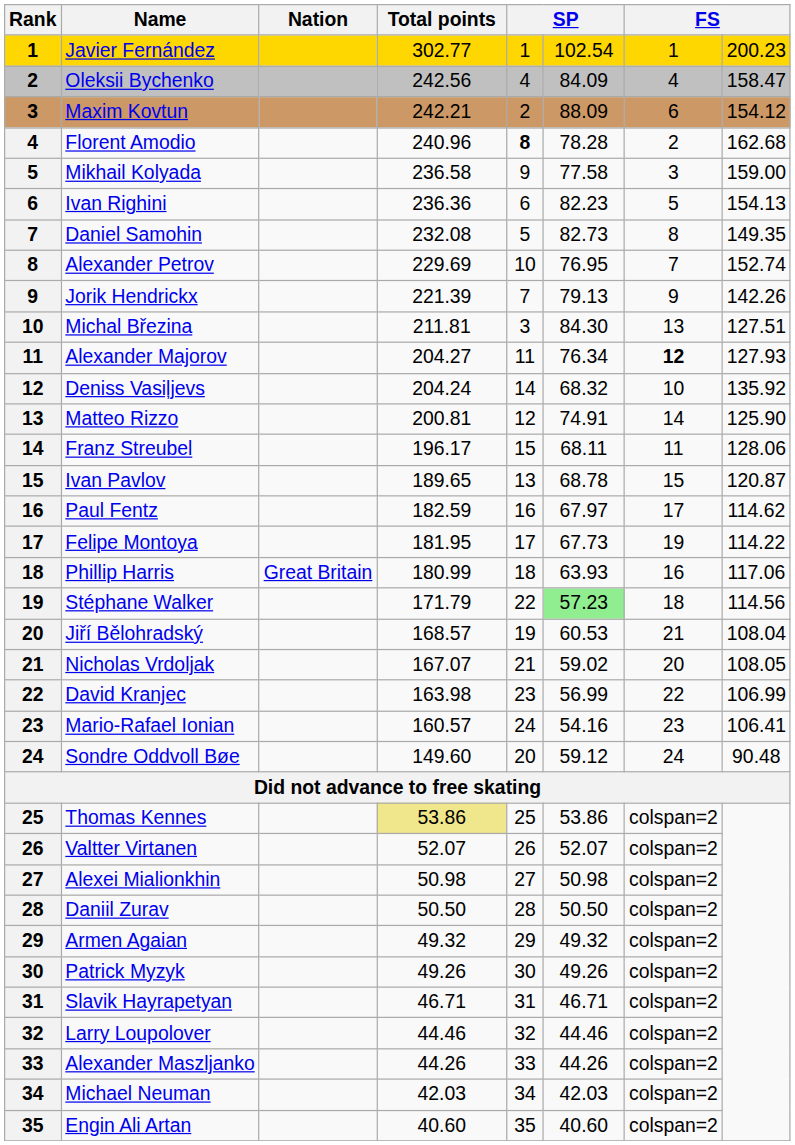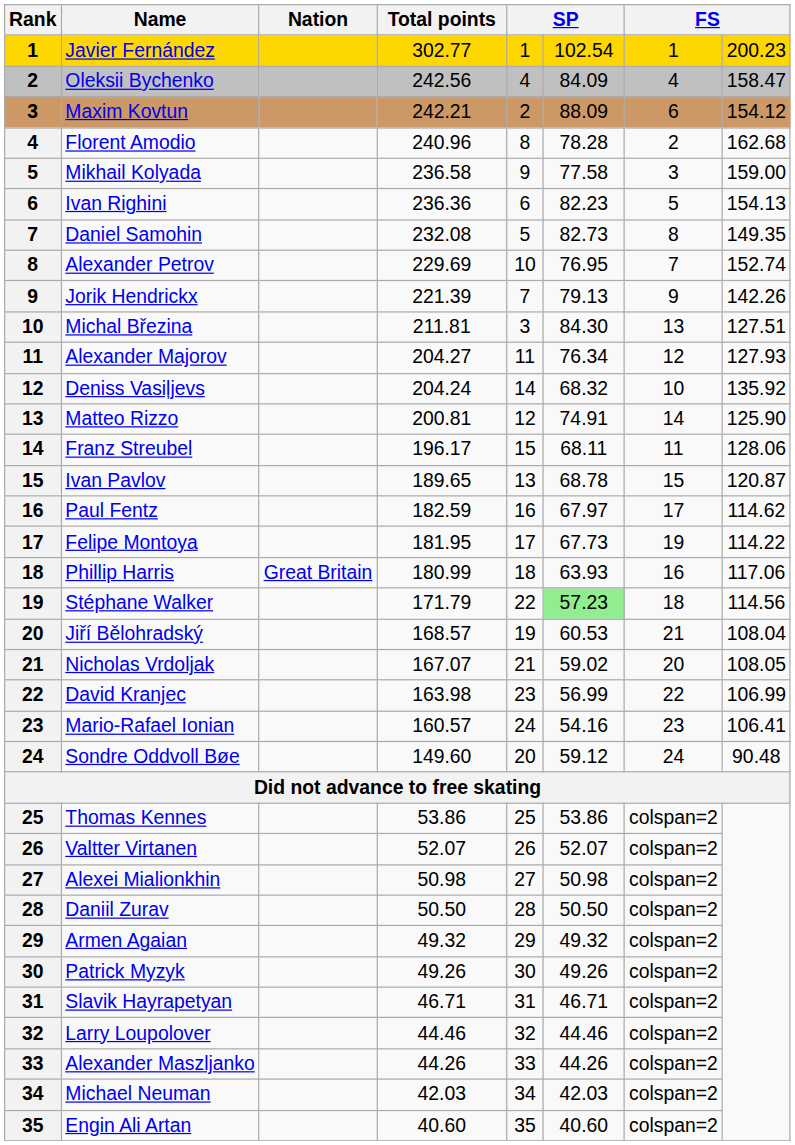 <table class="wikitable sortable">
 <tr>
 <th>Rank</th>
 <th>Name</th>
 <th>Nation</th>
 <th width="100px">Total points</th>
 <th colspan="2" width="90px"><a href='#'>SP</a></th>
 <th colspan="2" width="90px"><a href='#'>FS</a></th>
 </tr>
 <tr bgcolor="gold">
 <td align="center" bgcolor="gold"><strong>1</strong></td>
 <td><a href='#'>Javier Fernández</a></td>
 <td></td>
 <td align="center">302.77</td>
 <td align="center">1</td>
 <td align="center">102.54</td>
 <td align="center">1</td>
 <td align="center">200.23</td>
 </tr>
 <tr bgcolor="silver">
 <td align="center" bgcolor="silver"><strong>2</strong></td>
 <td><a href='#'>Oleksii Bychenko</a></td>
 <td></td>
 <td align="center">242.56</td>
 <td align="center">4</td>
 <td align="center">84.09</td>
 <td align="center">4</td>
 <td align="center">158.47</td>
 </tr>
 <tr bgcolor="#cc9966">
 <td align="center" bgcolor="#cc9966"><strong>3</strong></td>
 <td><a href='#'>Maxim Kovtun</a></td>
 <td></td>
 <td align="center">242.21</td>
 <td align="center">2</td>
 <td align="center">88.09</td>
 <td align="center">6</td>
 <td align="center">154.12</td>
 </tr>
 <tr>
 <th>4</th>
 <td><a href='#'>Florent Amodio</a></td>
 <td></td>
 <td align="center">240.96</td>
-<td align="center"><strong>8</strong></td>
+<td align="center">8</td>
 <td align="center">78.28</td>
 <td align="center">2</td>
 <td align="center">162.68</td>
 </tr>
 <tr>
 <th>5</th>
 <td><a href='#'>Mikhail Kolyada</a></td>
 <td></td>
 <td align="center">236.58</td>
 <td align="center">9</td>
 <td align="center">77.58</td>
 <td align="center">3</td>
 <td align="center">159.00</td>
 </tr>
 <tr>
 <th>6</th>
 <td><a href='#'>Ivan Righini</a></td>
 <td></td>
 <td align="center">236.36</td>
 <td align="center">6</td>
 <td align="center">82.23</td>
 <td align="center">5</td>
 <td align="center">154.13</td>
 </tr>
 <tr>
 <th>7</th>
 <td><a href='#'>Daniel Samohin</a></td>
 <td></td>
 <td align="center">232.08</td>
 <td align="center">5</td>
 <td align="center">82.73</td>
 <td align="center">8</td>
 <td align="center">149.35</td>
 </tr>
 <tr>
 <th>8</th>
 <td><a href='#'>Alexander Petrov</a></td>
 <td></td>
 <td align="center">229.69</td>
 <td align="center">10</td>
 <td align="center">76.95</td>
 <td align="center">7</td>
 <td align="center">152.74</td>
 </tr>
 <tr>
 <th>9</th>
 <td><a href='#'>Jorik Hendrickx</a></td>
 <td></td>
 <td align="center">221.39</td>
 <td align="center">7</td>
 <td align="center">79.13</td>
 <td align="center">9</td>
 <td align="center">142.26</td>
 </tr>
 <tr>
 <th>10</th>
 <td><a href='#'>Michal Březina</a></td>
 <td></td>
 <td align="center">211.81</td>
 <td align="center">3</td>
 <td align="center">84.30</td>
 <td align="center">13</td>
 <td align="center">127.51</td>
 </tr>
 <tr>
 <th>11</th>
 <td><a href='#'>Alexander Majorov</a></td>
 <td></td>
 <td align="center">204.27</td>
 <td align="center">11</td>
 <td align="center">76.34</td>
-<td align="center"><strong>12</strong></td>
+<td align="center">12</td>
 <td align="center">127.93</td>
 </tr>
 <tr>
 <th>12</th>
 <td><a href='#'>Deniss Vasiļjevs</a></td>
 <td></td>
 <td align="center">204.24</td>
 <td align="center">14</td>
 <td align="center">68.32</td>
 <td align="center">10</td>
 <td align="center">135.92</td>
 </tr>
 <tr>
 <th>13</th>
 <td><a href='#'>Matteo Rizzo</a></td>
 <td></td>
 <td align="center">200.81</td>
 <td align="center">12</td>
 <td align="center">74.91</td>
 <td align="center">14</td>
 <td align="center">125.90</td>
 </tr>
 <tr>
 <th>14</th>
 <td><a href='#'>Franz Streubel</a></td>
 <td></td>
 <td align="center">196.17</td>
 <td align="center">15</td>
 <td align="center">68.11</td>
 <td align="center">11</td>
 <td align="center">128.06</td>
 </tr>
 <tr>
 <th>15</th>
 <td><a href='#'>Ivan Pavlov</a></td>
 <td></td>
 <td align="center">189.65</td>
 <td align="center">13</td>
 <td align="center">68.78</td>
 <td align="center">15</td>
 <td align="center">120.87</td>
 </tr>
 <tr>
 <th>16</th>
 <td><a href='#'>Paul Fentz</a></td>
 <td></td>
 <td align="center">182.59</td>
 <td align="center">16</td>
 <td align="center">67.97</td>
 <td align="center">17</td>
 <td align="center">114.62</td>
 </tr>
 <tr>
 <th>17</th>
 <td><a href='#'>Felipe Montoya</a></td>
 <td></td>
 <td align="center">181.95</td>
 <td align="center">17</td>
 <td align="center">67.73</td>
 <td align="center">19</td>
 <td align="center">114.22</td>
 </tr>
 <tr>
 <th>18</th>
 <td><a href='#'>Phillip Harris</a></td>
 <td> <a href='#'>Great Britain</a></td>
 <td align="center">180.99</td>
 <td align="center">18</td>
 <td align="center">63.93</td>
 <td align="center">16</td>
 <td align="center">117.06</td>
 </tr>
 <tr>
 <th>19</th>
 <td><a href='#'>Stéphane Walker</a></td>
 <td></td>
 <td align="center">171.79</td>
 <td align="center">22</td>
 <td align="center" style="background: lightgreen;">57.23</td>
 <td align="center">18</td>
 <td align="center">114.56</td>
 </tr>
 <tr>
 <th>20</th>
 <td><a href='#'>Jiří Bělohradský</a></td>
 <td></td>
 <td align="center">168.57</td>
 <td align="center">19</td>
 <td align="center">60.53</td>
 <td align="center">21</td>
 <td align="center">108.04</td>
 </tr>
 <tr>
 <th>21</th>
 <td><a href='#'>Nicholas Vrdoljak</a></td>
 <td></td>
 <td align="center">167.07</td>
 <td align="center">21</td>
 <td align="center">59.02</td>
 <td align="center">20</td>
 <td align="center">108.05</td>
 </tr>
 <tr>
 <th>22</th>
 <td><a href='#'>David Kranjec</a></td>
 <td></td>
 <td align="center">163.98</td>
 <td align="center">23</td>
 <td align="center">56.99</td>
 <td align="center">22</td>
 <td align="center">106.99</td>
 </tr>
 <tr>
 <th>23</th>
 <td><a href='#'>Mario-Rafael Ionian</a></td>
 <td></td>
 <td align="center">160.57</td>
 <td align="center">24</td>
 <td align="center">54.16</td>
 <td align="center">23</td>
 <td align="center">106.41</td>
 </tr>
 <tr>
 <th>24</th>
 <td><a href='#'>Sondre Oddvoll Bøe</a></td>
 <td></td>
 <td align="center">149.60</td>
 <td align="center">20</td>
 <td align="center">59.12</td>
 <td align="center">24</td>
 <td align="center">90.48</td>
 </tr>
 <tr>
 <th colspan=8>Did not advance to free skating</th>
 </tr>
 <tr>
 <th>25</th>
 <td><a href='#'>Thomas Kennes</a></td>
 <td></td>
-<td align="center" style="background: khaki;">53.86</td>
+<td align="center">53.86</td>
 <td align="center">25</td>
 <td align="center">53.86</td>
 <td>colspan=2 </td>
 </tr>
 <tr>
 <th>26</th>
 <td><a href='#'>Valtter Virtanen</a></td>
 <td></td>
 <td align="center">52.07</td>
 <td align="center">26</td>
 <td align="center">52.07</td>
 <td>colspan=2 </td>
 </tr>
 <tr>
 <th>27</th>
 <td><a href='#'>Alexei Mialionkhin</a></td>
 <td></td>
 <td align="center">50.98</td>
 <td align="center">27</td>
 <td align="center">50.98</td>
 <td>colspan=2 </td>
 </tr>
 <tr>
 <th>28</th>
 <td><a href='#'>Daniil Zurav</a></td>
 <td></td>
 <td align="center">50.50</td>
 <td align="center">28</td>
 <td align="center">50.50</td>
 <td>colspan=2 </td>
 </tr>
 <tr>
 <th>29</th>
 <td><a href='#'>Armen Agaian</a></td>
 <td></td>
 <td align="center">49.32</td>
 <td align="center">29</td>
 <td align="center">49.32</td>
 <td>colspan=2 </td>
 </tr>
 <tr>
 <th>30</th>
 <td><a href='#'>Patrick Myzyk</a></td>
 <td></td>
 <td align="center">49.26</td>
 <td align="center">30</td>
 <td align="center">49.26</td>
 <td>colspan=2 </td>
 </tr>
 <tr>
 <th>31</th>
 <td><a href='#'>Slavik Hayrapetyan</a></td>
 <td></td>
 <td align="center">46.71</td>
 <td align="center">31</td>
 <td align="center">46.71</td>
 <td>colspan=2 </td>
 </tr>
 <tr>
 <th>32</th>
 <td><a href='#'>Larry Loupolover</a></td>
 <td></td>
 <td align="center">44.46</td>
 <td align="center">32</td>
 <td align="center">44.46</td>
 <td>colspan=2 </td>
 </tr>
 <tr>
 <th>33</th>
 <td><a href='#'>Alexander Maszljanko</a></td>
 <td></td>
 <td align="center">44.26</td>
 <td align="center">33</td>
 <td align="center">44.26</td>
 <td>colspan=2 </td>
 </tr>
 <tr>
 <th>34</th>
 <td><a href='#'>Michael Neuman</a></td>
 <td></td>
 <td align="center">42.03</td>
 <td align="center">34</td>
 <td align="center">42.03</td>
 <td>colspan=2 </td>
 </tr>
 <tr>
 <th>35</th>
 <td><a href='#'>Engin Ali Artan</a></td>
 <td></td>
 <td align="center">40.60</td>
 <td align="center">35</td>
 <td align="center">40.60</td>
 <td>colspan=2 </td>
 </tr>
 </table>
